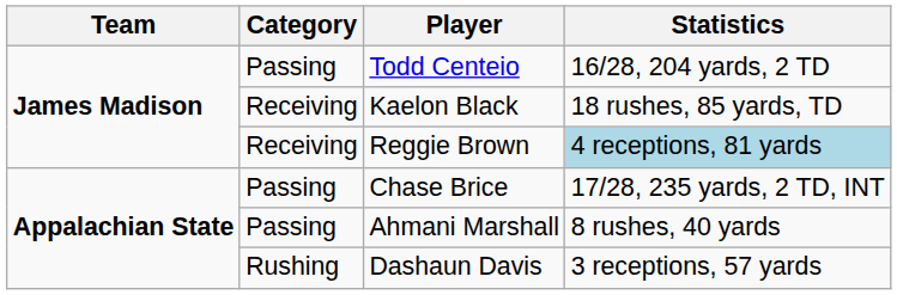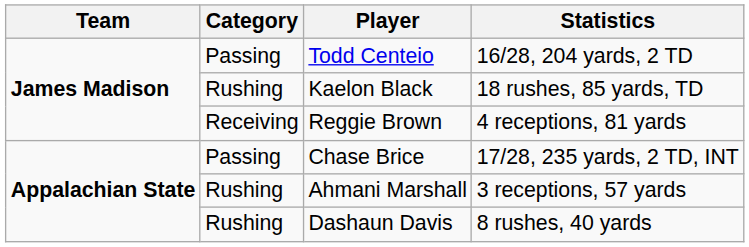 <table class="wikitable" style="float: right;">
 <tr>
 <th>Team</th>
 <th>Category</th>
 <th>Player</th>
 <th>Statistics</th>
 </tr>
 <tr>
 <td rowspan=3><strong>James Madison</strong></td>
 <td>Passing</td>
 <td><a href='#'>Todd Centeio</a></td>
 <td>16/28, 204 yards, 2 TD</td>
 </tr>
 <tr>
-<td>Receiving</td>
+<td>Rushing</td>
 <td>Kaelon Black</td>
 <td>18 rushes, 85 yards, TD</td>
 </tr>
 <tr>
 <td>Receiving</td>
 <td>Reggie Brown</td>
-<td style="background: lightblue;">4 receptions, 81 yards</td>
+<td>4 receptions, 81 yards</td>
 </tr>
 <tr>
 <td rowspan=3><strong>Appalachian State</strong></td>
 <td>Passing</td>
 <td>Chase Brice</td>
 <td>17/28, 235 yards, 2 TD, INT</td>
 </tr>
 <tr>
-<td>Passing</td>
+<td>Rushing</td>
 <td>Ahmani Marshall</td>
-<td>8 rushes, 40 yards</td>
+<td>3 receptions, 57 yards</td>
 </tr>
 <tr>
 <td>Rushing</td>
 <td>Dashaun Davis</td>
-<td>3 receptions, 57 yards</td>
+<td>8 rushes, 40 yards</td>
 </tr>
 </table>
